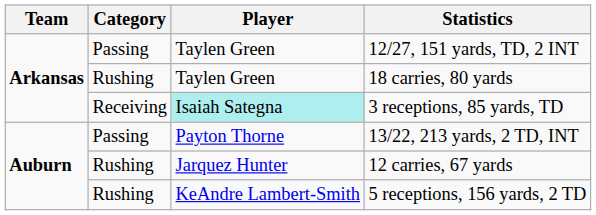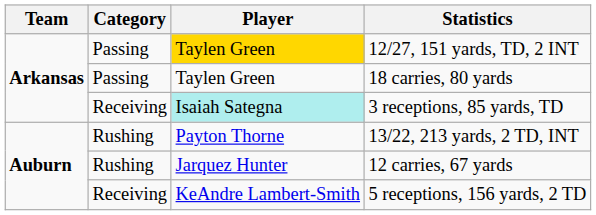 <table class="wikitable" style="float: right;">
 <tr>
 <th>Team</th>
 <th>Category</th>
 <th>Player</th>
 <th>Statistics</th>
 </tr>
 <tr>
 <td rowspan=3><strong>Arkansas</strong></td>
 <td>Passing</td>
-<td>Taylen Green</td>
+<td style="background: gold;">Taylen Green</td>
 <td>12/27, 151 yards, TD, 2 INT</td>
 </tr>
 <tr>
-<td>Rushing</td>
+<td>Passing</td>
 <td>Taylen Green</td>
 <td>18 carries, 80 yards</td>
 </tr>
 <tr>
 <td>Receiving</td>
 <td style="background: paleturquoise;">Isaiah Sategna</td>
 <td>3 receptions, 85 yards, TD</td>
 </tr>
 <tr>
 <td rowspan=3><strong>Auburn</strong></td>
-<td>Passing</td>
+<td>Rushing</td>
 <td><a href='#'>Payton Thorne</a></td>
 <td>13/22, 213 yards, 2 TD, INT</td>
 </tr>
 <tr>
 <td>Rushing</td>
 <td><a href='#'>Jarquez Hunter</a></td>
 <td>12 carries, 67 yards</td>
 </tr>
 <tr>
-<td>Rushing</td>
+<td>Receiving</td>
 <td><a href='#'>KeAndre Lambert-Smith</a></td>
 <td>5 receptions, 156 yards, 2 TD</td>
 </tr>
 </table>
